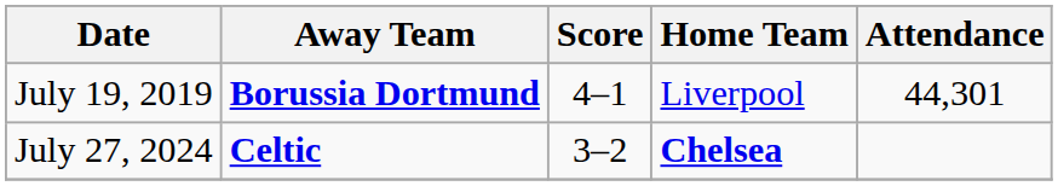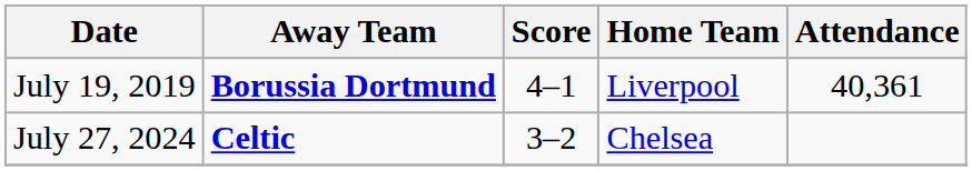 <table class="wikitable">
 <tr>
 <th>Date</th>
 <th>Away Team</th>
 <th>Score</th>
 <th>Home Team</th>
 <th>Attendance</th>
 </tr>
 <tr>
 <td style="text-align:center;">July 19, 2019</td>
 <td> <strong><a href='#'>Borussia Dortmund</a></strong></td>
 <td style="text-align:center;">4–1</td>
 <td> <a href='#'>Liverpool</a></td>
-<td style="text-align:center;">44,301</td>
+<td style="text-align:center;">40,361</td>
 </tr>
 <tr>
 <td style="text-align:center;">July 27, 2024</td>
 <td> <strong><a href='#'>Celtic</a></strong></td>
 <td style="text-align:center;">3–2</td>
-<td><strong> <a href='#'>Chelsea</a></strong></td>
+<td> <a href='#'>Chelsea</a></td>
 <td style="text-align:center;"></td>
 </tr>
 <tr>
 </tr>
 </table>
